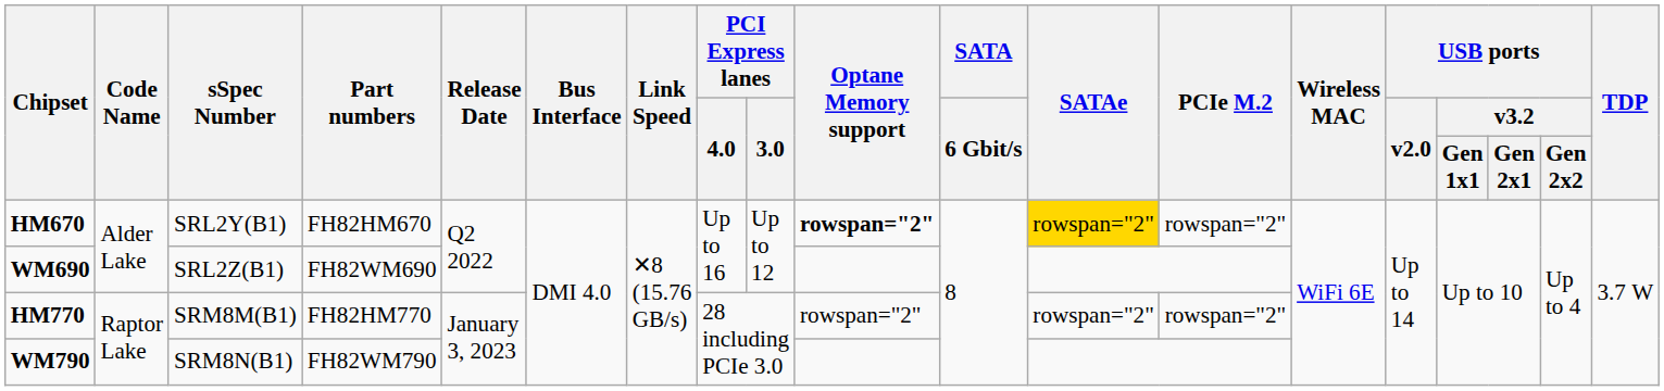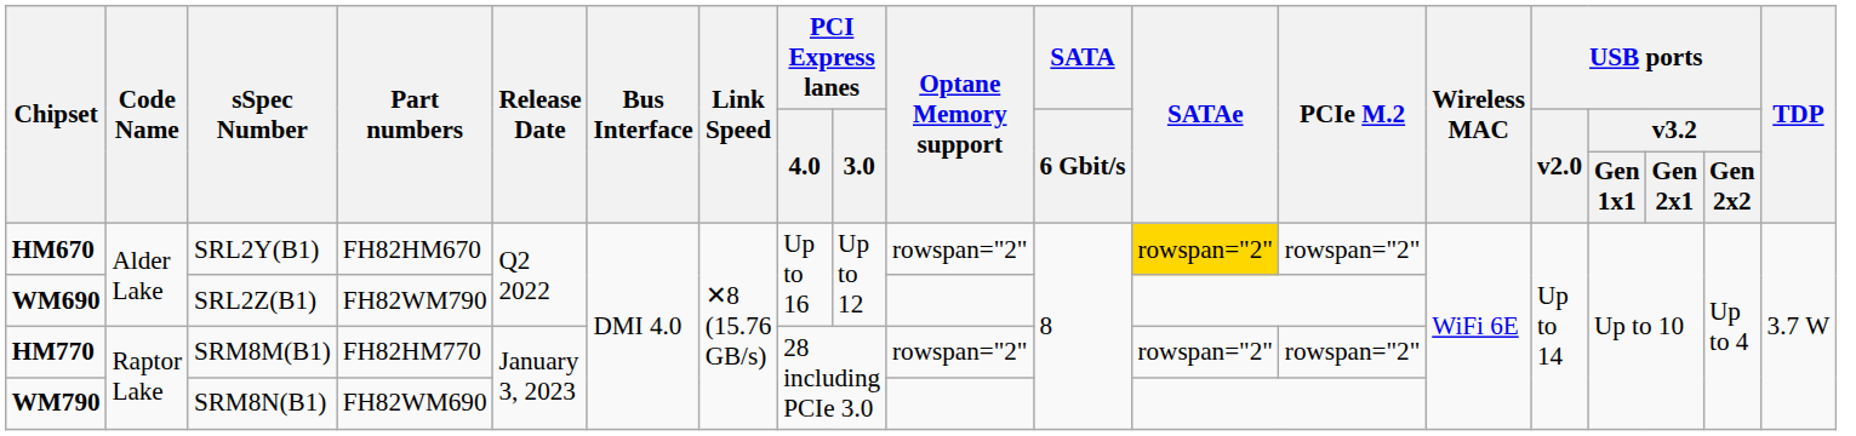 <table class="wikitable" style="font-size: 90%;">
 <tr>
 <th rowspan="3">Chipset</th>
 <th rowspan="3">Code<br>Name</th>
 <th rowspan="3">sSpec<br>Number</th>
 <th rowspan="3">Part<br>numbers</th>
 <th rowspan="3">Release Date</th>
 <th rowspan="3">Bus<br>Interface</th>
 <th rowspan="3">Link<br>Speed</th>
 <th colspan="2"><a href='#'>PCI Express</a> lanes</th>
 <th rowspan="3"><a href='#'>Optane<br>Memory</a> support</th>
 <th><a href='#'>SATA</a></th>
 <th rowspan="3"><a href='#'>SATAe</a></th>
 <th rowspan="3">PCIe <a href='#'>M.2</a></th>
 <th rowspan="3">Wireless<br>MAC</th>
 <th colspan="4"><a href='#'>USB</a> ports</th>
 <th rowspan="3"><a href='#'>TDP</a></th>
 </tr>
 <tr>
 <th rowspan="2">4.0</th>
 <th rowspan="2">3.0</th>
 <th rowspan="2">6 Gbit/s</th>
 <th rowspan="2">v2.0</th>
 <th colspan="3">v3.2</th>
 </tr>
 <tr>
 <th>Gen 1x1</th>
 <th>Gen 2x1</th>
 <th>Gen 2x2</th>
 </tr>
 <tr>
 <td><strong>HM670</strong></td>
 <td rowspan="2">Alder Lake</td>
 <td>SRL2Y(B1)</td>
 <td>FH82HM670</td>
 <td rowspan="2">Q2 2022</td>
 <td rowspan="4">DMI 4.0</td>
 <td rowspan="4">✕8<br>(15.76 GB/s)</td>
 <td rowspan="2">Up to 16</td>
 <td rowspan="2">Up to 12</td>
-<td><strong>rowspan="2" </strong></td>
+<td>rowspan="2" </td>
 <td rowspan="4">8</td>
 <td style="background: gold;">rowspan="2" </td>
 <td>rowspan="2" </td>
 <td rowspan="4"><a href='#'>WiFi 6E</a></td>
 <td rowspan="4">Up to 14</td>
 <td colspan="2" rowspan="4">Up to 10</td>
 <td rowspan="4">Up to 4</td>
 <td rowspan="4">3.7 W</td>
 </tr>
 <tr>
 <td><strong>WM690</strong></td>
 <td>SRL2Z(B1)</td>
-<td>FH82WM690</td>
+<td>FH82WM790</td>
 </tr>
 <tr>
 <td><strong>HM770</strong></td>
 <td rowspan="2">Raptor Lake</td>
 <td>SRM8M(B1)</td>
 <td>FH82HM770</td>
 <td rowspan="2">January 3, 2023</td>
 <td colspan="2" rowspan="2">28 including PCIe 3.0</td>
 <td>rowspan="2" </td>
 <td>rowspan="2" </td>
 <td>rowspan="2" </td>
 </tr>
 <tr>
 <td><strong>WM790</strong></td>
 <td>SRM8N(B1)</td>
-<td>FH82WM790</td>
+<td>FH82WM690</td>
 </tr>
 </table>
